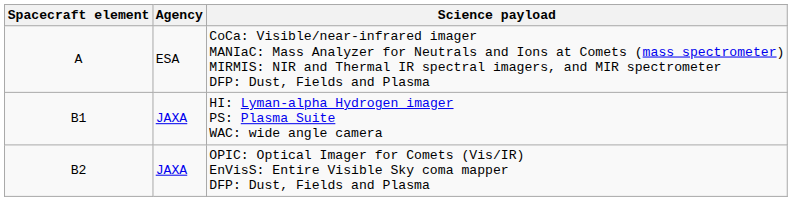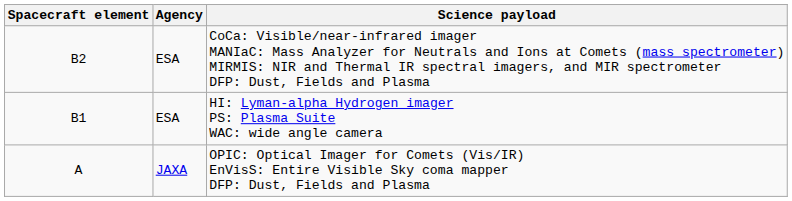 <table class="wikitable">
 <tr>
 <th>Spacecraft element</th>
 <th>Agency</th>
 <th>Science payload</th>
 </tr>
 <tr>
-<td style="text-align:center;">A</td>
+<td style="text-align:center;">B2</td>
 <td>ESA</td>
 <td>CoCa: Visible/near-infrared imager <br> MANIaC: Mass Analyzer for Neutrals and Ions at Comets (<a href='#'>mass spectrometer</a>)<br>MIRMIS: NIR and Thermal IR spectral imagers, and MIR spectrometer <br>DFP: Dust, Fields and Plasma</td>
 </tr>
 <tr>
 <td style="text-align:center;">B1</td>
-<td><a href='#'>JAXA</a></td>
+<td>ESA</td>
 <td>HI: <a href='#'>Lyman-alpha Hydrogen imager</a><br>PS: <a href='#'>Plasma Suite</a><br>WAC: wide angle camera</td>
 </tr>
 <tr>
-<td style="text-align:center;">B2</td>
+<td style="text-align:center;">A</td>
 <td><a href='#'>JAXA</a></td>
 <td>OPIC: Optical Imager for Comets (Vis/IR)<br>EnVisS: Entire Visible Sky coma mapper<br>DFP: Dust, Fields and Plasma</td>
 </tr>
 </table>
